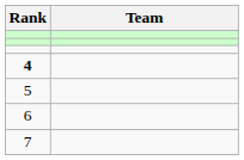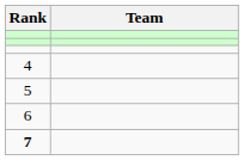 <table class=wikitable style="text-align:center;">
 <tr>
 <th>Rank</th>
 <th width=180>Team</th>
 </tr>
 <tr bgcolor=#CCFFCC>
 <td></td>
 <td align=left></td>
 </tr>
 <tr bgcolor=#CCFFCC>
 <td></td>
 <td align=left></td>
 </tr>
 <tr>
 <td></td>
 <td align=left></td>
 </tr>
 <tr>
-<td><strong>4</strong></td>
+<td>4</td>
 <td align=left></td>
 </tr>
 <tr>
 <td>5</td>
 <td align=left></td>
 </tr>
 <tr>
 <td>6</td>
 <td align=left></td>
 </tr>
 <tr>
-<td>7</td>
+<td><strong>7</strong></td>
 <td align=left></td>
 </tr>
 </table>
